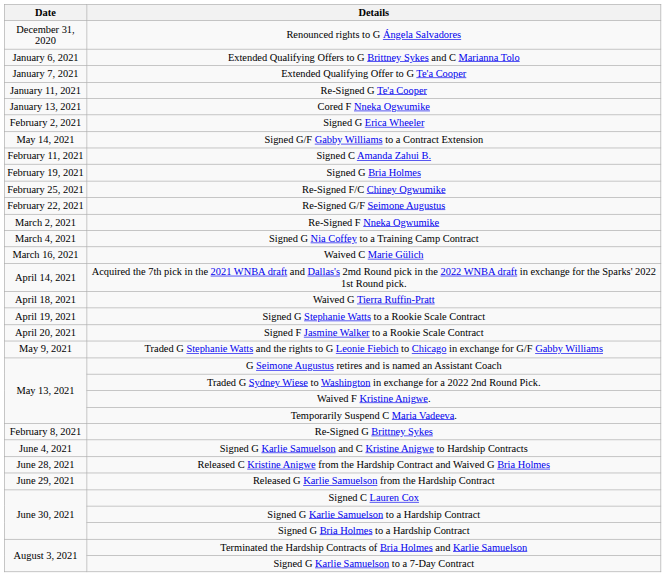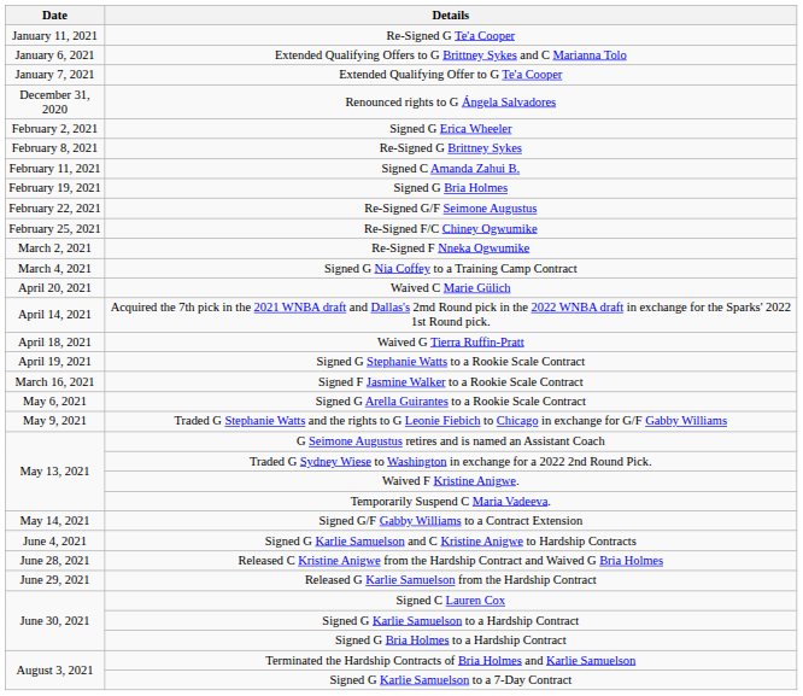 <table class="wikitable" style="width:80%; text-align: center;">
 <tr>
 <th>Date</th>
 <th>Details</th>
 </tr>
 <tr>
-<td>December 31, 2020</td>
-<td>Renounced rights to G <a href='#'>Ángela Salvadores</a></td>
+<td>January 11, 2021</td>
+<td>Re-Signed G <a href='#'>Te'a Cooper</a></td>
 </tr>
 <tr>
 <td>January 6, 2021</td>
 <td>Extended Qualifying Offers to G <a href='#'>Brittney Sykes</a> and C <a href='#'>Marianna Tolo</a></td>
 </tr>
 <tr>
 <td>January 7, 2021</td>
 <td>Extended Qualifying Offer to G <a href='#'>Te'a Cooper</a></td>
 </tr>
 <tr>
-<td>January 11, 2021</td>
-<td>Re-Signed G <a href='#'>Te'a Cooper</a></td>
-</tr>
-<tr>
-<td>January 13, 2021</td>
-<td>Cored F <a href='#'>Nneka Ogwumike</a></td>
+<td>December 31, 2020</td>
+<td>Renounced rights to G <a href='#'>Ángela Salvadores</a></td>
 </tr>
 <tr>
 <td>February 2, 2021</td>
 <td>Signed G <a href='#'>Erica Wheeler</a></td>
 </tr>
 <tr>
-<td>May 14, 2021</td>
-<td>Signed G/F <a href='#'>Gabby Williams</a> to a Contract Extension</td>
+<td>February 8, 2021</td>
+<td>Re-Signed G <a href='#'>Brittney Sykes</a></td>
 </tr>
 <tr>
 <td>February 11, 2021</td>
 <td>Signed C <a href='#'>Amanda Zahui B.</a></td>
 </tr>
 <tr>
 <td>February 19, 2021</td>
 <td>Signed G <a href='#'>Bria Holmes</a></td>
 </tr>
 <tr>
+<td>February 22, 2021</td>
+<td>Re-Signed G/F <a href='#'>Seimone Augustus</a></td>
+</tr>
+<tr>
 <td>February 25, 2021</td>
 <td>Re-Signed F/C <a href='#'>Chiney Ogwumike</a></td>
-</tr>
-<tr>
-<td>February 22, 2021</td>
-<td>Re-Signed G/F <a href='#'>Seimone Augustus</a></td>
 </tr>
 <tr>
 <td>March 2, 2021</td>
 <td>Re-Signed F <a href='#'>Nneka Ogwumike</a></td>
 </tr>
 <tr>
 <td>March 4, 2021</td>
 <td>Signed G <a href='#'>Nia Coffey</a> to a Training Camp Contract</td>
 </tr>
 <tr>
-<td>March 16, 2021</td>
+<td>April 20, 2021</td>
 <td>Waived C <a href='#'>Marie Gülich</a></td>
 </tr>
 <tr>
 <td>April 14, 2021</td>
 <td>Acquired the 7th pick in the <a href='#'>2021 WNBA draft</a> and <a href='#'>Dallas's</a> 2md Round pick in the <a href='#'>2022 WNBA draft</a> in exchange for the Sparks' 2022 1st Round pick.</td>
 </tr>
 <tr>
 <td>April 18, 2021</td>
 <td>Waived G <a href='#'>Tierra Ruffin-Pratt</a></td>
 </tr>
 <tr>
 <td>April 19, 2021</td>
 <td>Signed G <a href='#'>Stephanie Watts</a> to a Rookie Scale Contract</td>
 </tr>
 <tr>
-<td>April 20, 2021</td>
+<td>March 16, 2021</td>
 <td>Signed F <a href='#'>Jasmine Walker</a> to a Rookie Scale Contract</td>
+</tr>
+<tr>
+<td>May 6, 2021</td>
+<td>Signed G <a href='#'>Arella Guirantes</a> to a Rookie Scale Contract</td>
 </tr>
 <tr>
 <td>May 9, 2021</td>
 <td>Traded G <a href='#'>Stephanie Watts</a> and the rights to G <a href='#'>Leonie Fiebich</a> to <a href='#'>Chicago</a> in exchange for G/F <a href='#'>Gabby Williams</a></td>
 </tr>
 <tr>
 <td rowspan=4>May 13, 2021</td>
 <td>G <a href='#'>Seimone Augustus</a> retires and is named an Assistant Coach</td>
 </tr>
 <tr>
 <td>Traded G <a href='#'>Sydney Wiese</a> to <a href='#'>Washington</a> in exchange for a 2022 2nd Round Pick.</td>
 </tr>
 <tr>
 <td>Waived F <a href='#'>Kristine Anigwe</a>.</td>
 </tr>
 <tr>
 <td>Temporarily Suspend C <a href='#'>Maria Vadeeva</a>.</td>
 </tr>
 <tr>
-<td>February 8, 2021</td>
-<td>Re-Signed G <a href='#'>Brittney Sykes</a></td>
+<td>May 14, 2021</td>
+<td>Signed G/F <a href='#'>Gabby Williams</a> to a Contract Extension</td>
 </tr>
 <tr>
 <td>June 4, 2021</td>
 <td>Signed G <a href='#'>Karlie Samuelson</a> and C <a href='#'>Kristine Anigwe</a> to Hardship Contracts</td>
 </tr>
 <tr>
 <td>June 28, 2021</td>
 <td>Released C <a href='#'>Kristine Anigwe</a> from the Hardship Contract and Waived G <a href='#'>Bria Holmes</a></td>
 </tr>
 <tr>
 <td>June 29, 2021</td>
 <td>Released G <a href='#'>Karlie Samuelson</a> from the Hardship Contract</td>
 </tr>
 <tr>
 <td rowspan=3>June 30, 2021</td>
 <td>Signed C <a href='#'>Lauren Cox</a></td>
 </tr>
 <tr>
 <td>Signed G <a href='#'>Karlie Samuelson</a> to a Hardship Contract</td>
 </tr>
 <tr>
 <td>Signed G <a href='#'>Bria Holmes</a> to a Hardship Contract</td>
 </tr>
 <tr>
 <td rowspan=2>August 3, 2021</td>
 <td>Terminated the Hardship Contracts of <a href='#'>Bria Holmes</a> and <a href='#'>Karlie Samuelson</a></td>
 </tr>
 <tr>
 <td>Signed G <a href='#'>Karlie Samuelson</a> to a 7-Day Contract</td>
 </tr>
 </table>
